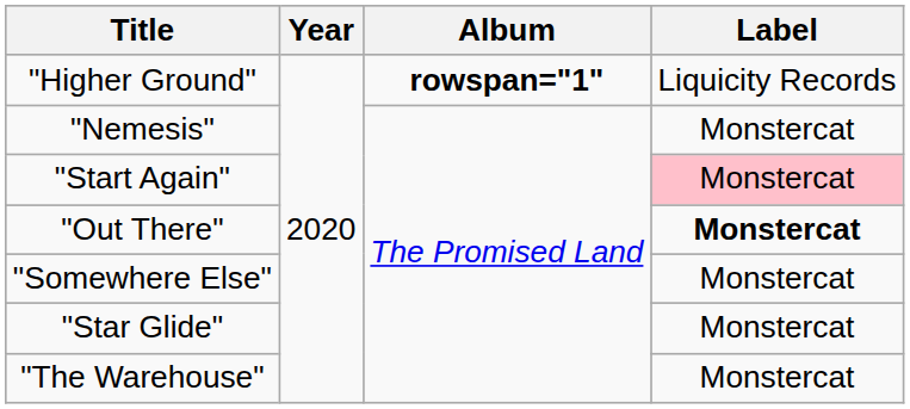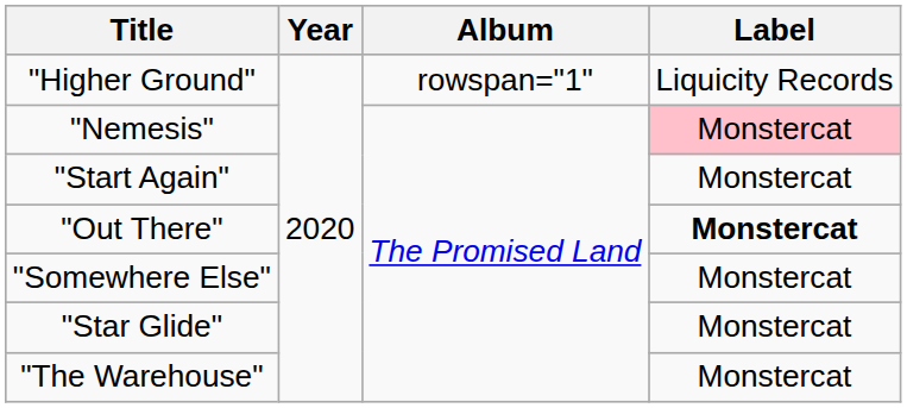 <table class="wikitable plainrowheaders" style="text-align:center;">
 <tr>
 <th scope="col">Title</th>
 <th scope="col">Year</th>
 <th scope="col">Album</th>
 <th scope="col">Label</th>
 </tr>
 <tr>
 <td>"Higher Ground" </td>
 <td rowspan="9">2020</td>
-<td><strong>rowspan="1" </strong></td>
+<td>rowspan="1" </td>
 <td>Liquicity Records</td>
 </tr>
 <tr>
 <td>"Nemesis"</td>
 <td rowspan="8"><em><a href='#'>The Promised Land</a></em></td>
-<td>Monstercat</td>
+<td style="background: pink;">Monstercat</td>
 </tr>
 <tr>
 <td>"Start Again"</td>
-<td style="background: pink;">Monstercat</td>
+<td>Monstercat</td>
 </tr>
 <tr>
 <td>"Out There" </td>
 <td><strong>Monstercat</strong></td>
 </tr>
 <tr>
 <td>"Somewhere Else" </td>
 <td>Monstercat</td>
 </tr>
 <tr>
 <td>"Star Glide" </td>
 <td>Monstercat</td>
 </tr>
 <tr>
 <td>"The Warehouse" </td>
 <td>Monstercat</td>
 </tr>
 </table>
